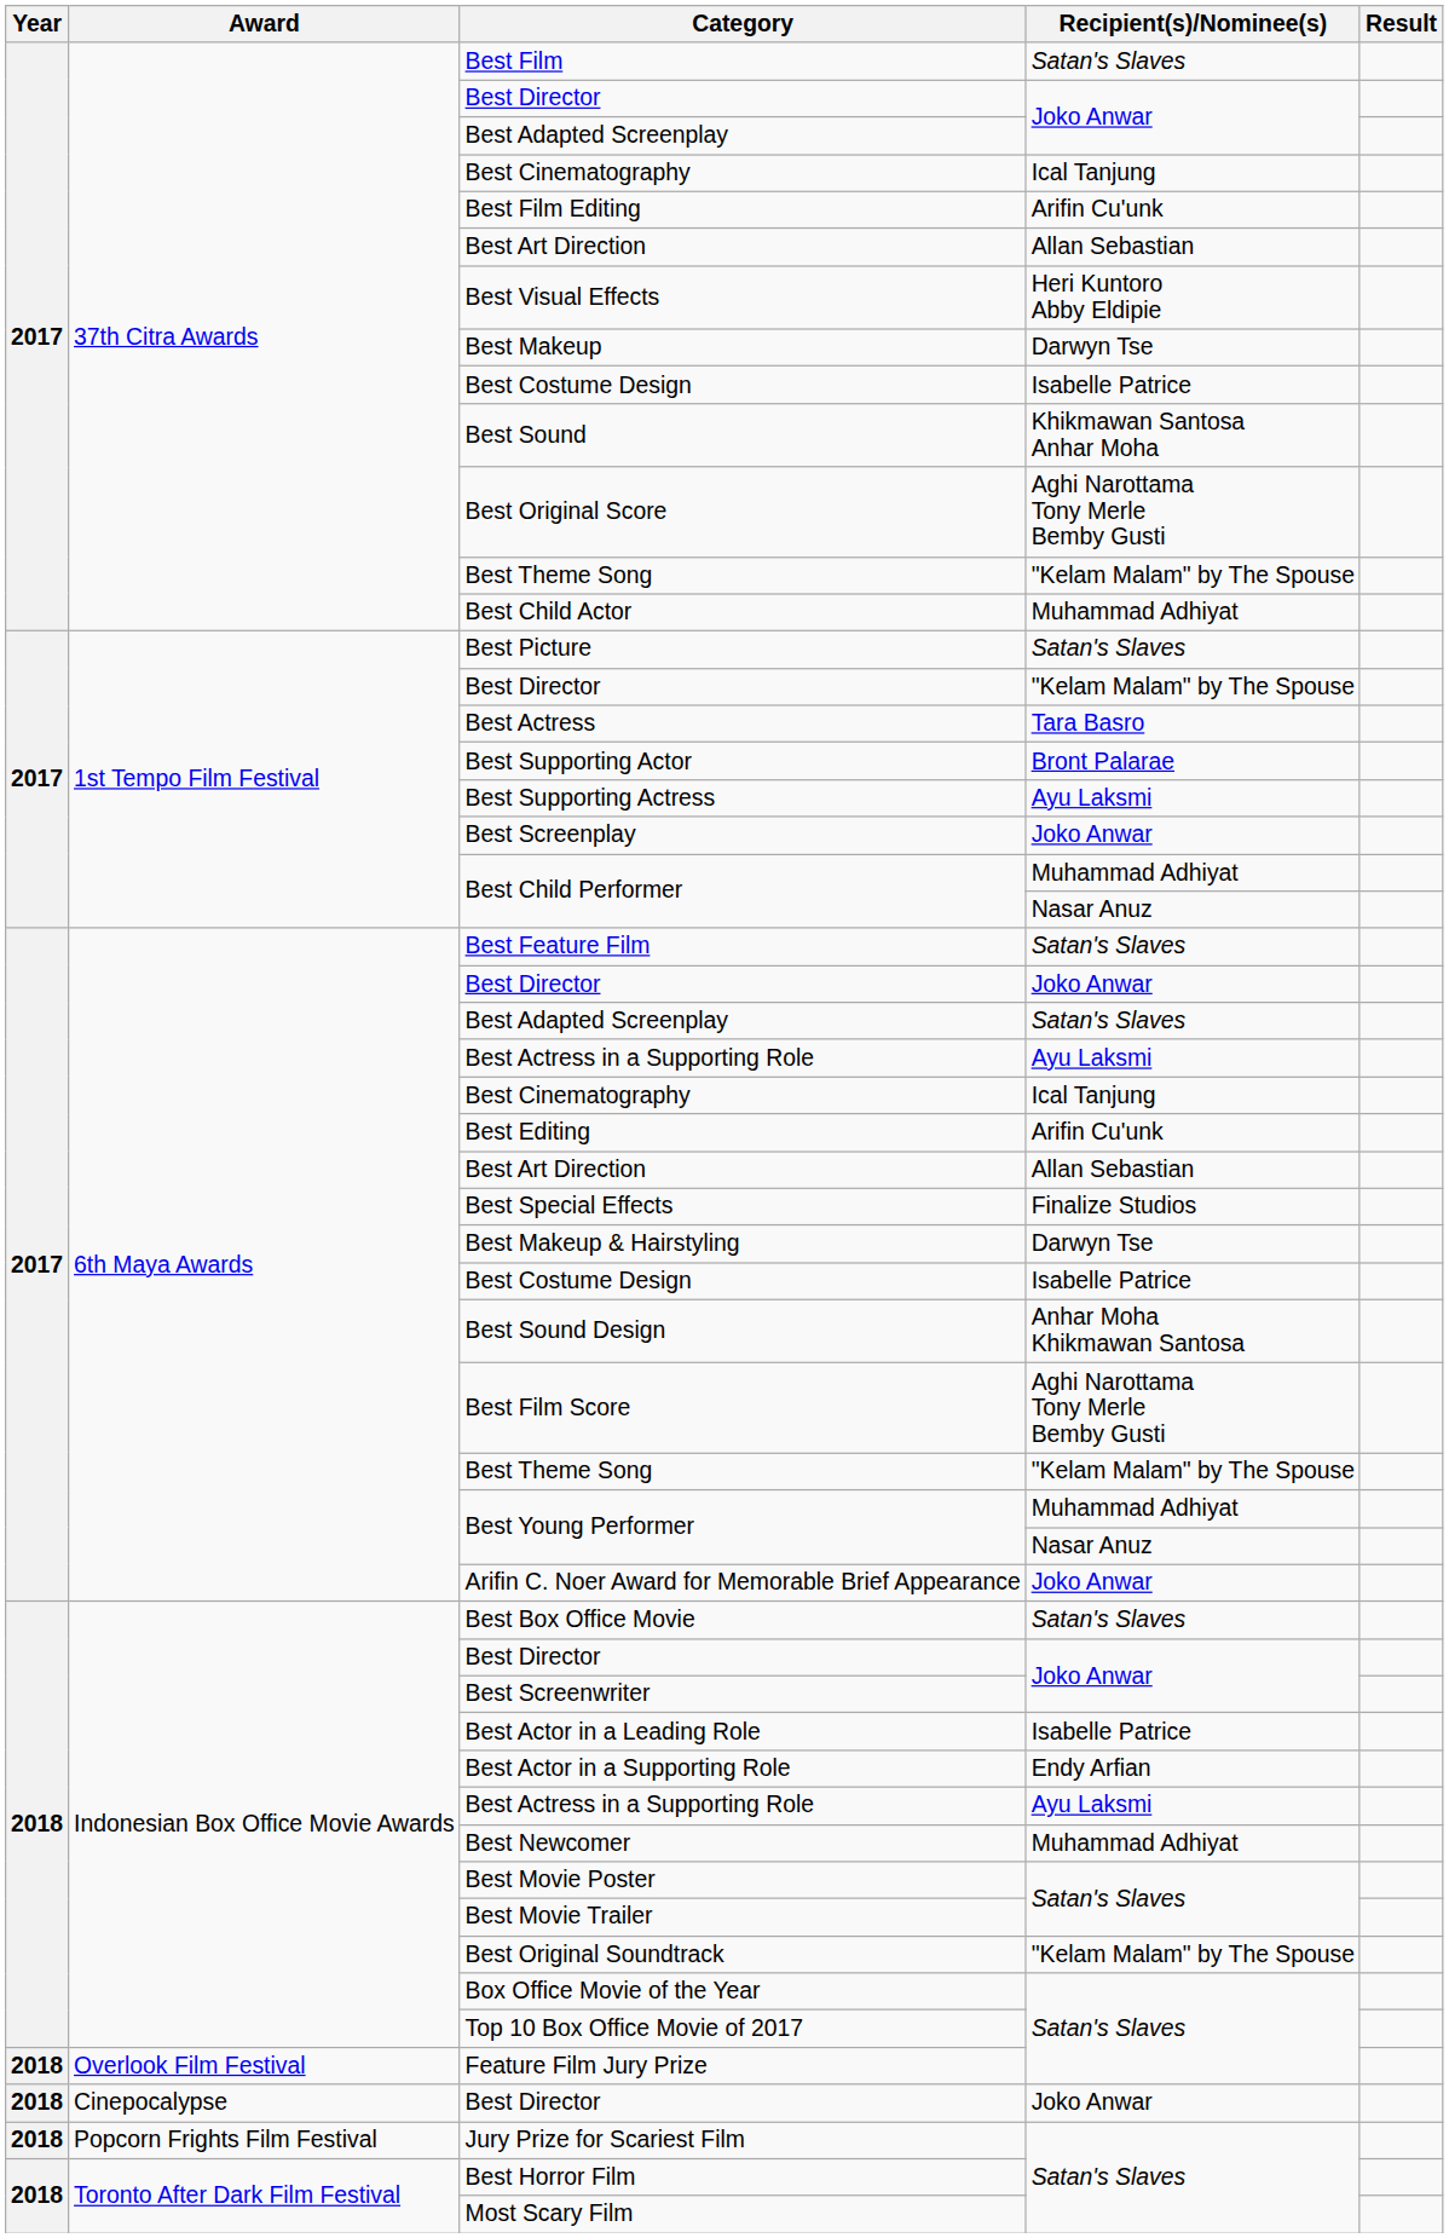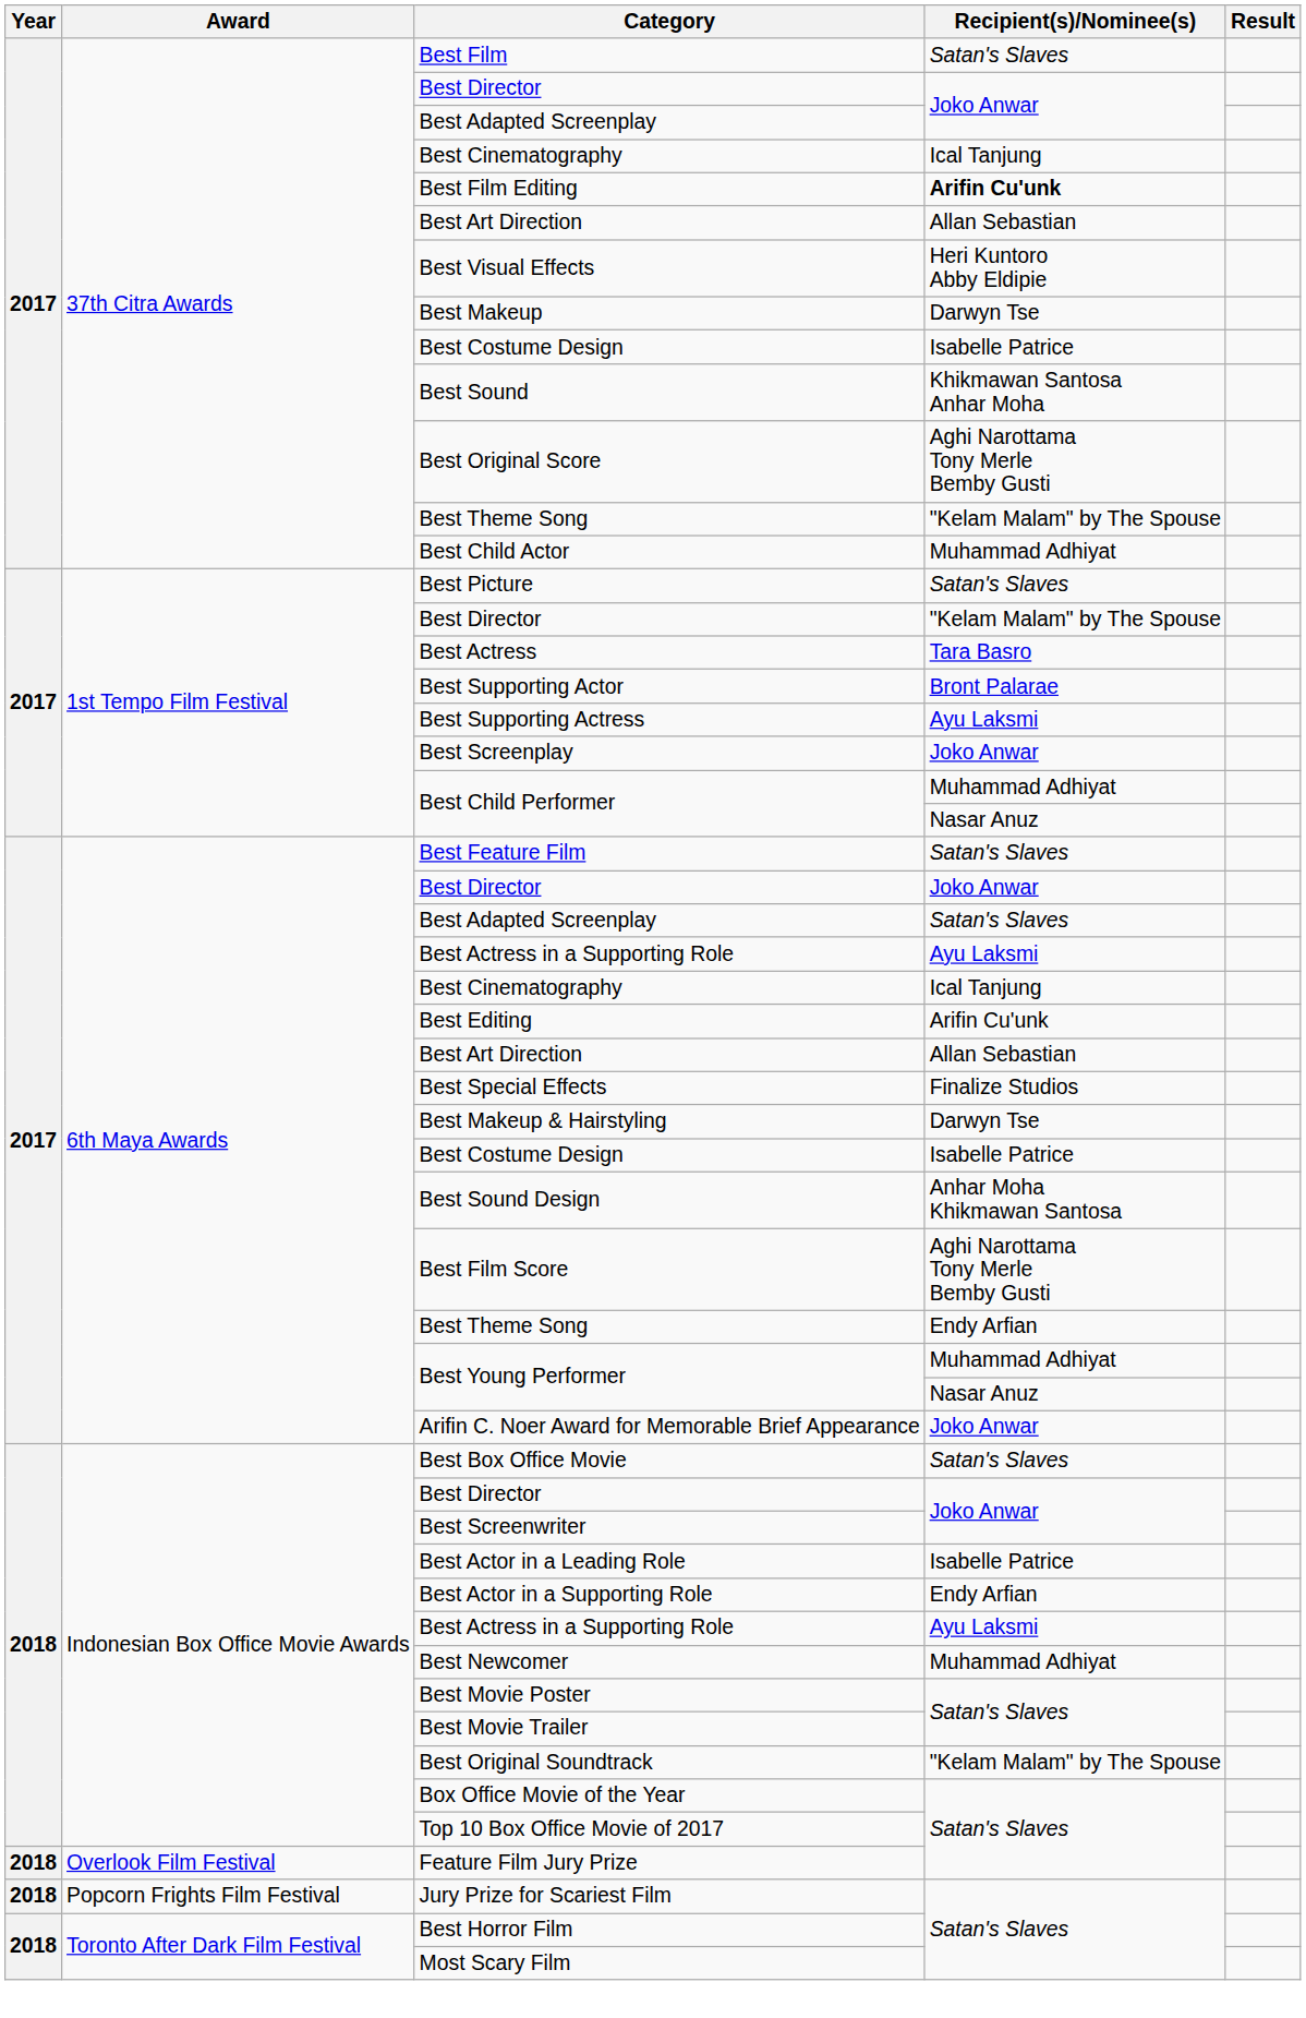 <table class="wikitable plainrowheaders sortable">
 <tr>
 <th>Year</th>
 <th>Award</th>
 <th>Category</th>
 <th>Recipient(s)/Nominee(s)</th>
 <th>Result</th>
 </tr>
 <tr>
 <th rowspan="13">2017</th>
 <td rowspan="13" scope="row"><a href='#'>37th Citra Awards</a></td>
 <td><a href='#'>Best Film</a></td>
 <td><em>Satan's Slaves</em></td>
 <td></td>
 </tr>
 <tr>
 <td><a href='#'>Best Director</a></td>
 <td rowspan="2"><a href='#'>Joko Anwar</a></td>
 <td></td>
 </tr>
 <tr>
 <td>Best Adapted Screenplay</td>
 <td></td>
 </tr>
 <tr>
 <td>Best Cinematography</td>
 <td>Ical Tanjung</td>
 <td></td>
 </tr>
 <tr>
 <td>Best Film Editing</td>
-<td>Arifin Cu'unk</td>
+<td><strong>Arifin Cu'unk</strong></td>
 <td></td>
 </tr>
 <tr>
 <td>Best Art Direction</td>
 <td>Allan Sebastian</td>
 <td></td>
 </tr>
 <tr>
 <td>Best Visual Effects</td>
 <td>Heri Kuntoro<br>Abby Eldipie</td>
 <td></td>
 </tr>
 <tr>
 <td>Best Makeup</td>
 <td>Darwyn Tse</td>
 <td></td>
 </tr>
 <tr>
 <td>Best Costume Design</td>
 <td>Isabelle Patrice</td>
 <td></td>
 </tr>
 <tr>
 <td>Best Sound</td>
 <td>Khikmawan Santosa<br>Anhar Moha</td>
 <td></td>
 </tr>
 <tr>
 <td>Best Original Score</td>
 <td>Aghi Narottama<br>Tony Merle<br>Bemby Gusti</td>
 <td></td>
 </tr>
 <tr>
 <td>Best Theme Song</td>
 <td>"Kelam Malam" by The Spouse</td>
 <td></td>
 </tr>
 <tr>
 <td>Best Child Actor</td>
 <td>Muhammad Adhiyat</td>
 <td></td>
 </tr>
 <tr>
 <th rowspan="8">2017</th>
 <td rowspan="8"><a href='#'>1st Tempo Film Festival</a></td>
 <td>Best Picture</td>
 <td><em>Satan's Slaves</em></td>
 <td></td>
 </tr>
 <tr>
 <td>Best Director</td>
 <td>"Kelam Malam" by The Spouse</td>
 <td></td>
 </tr>
 <tr>
 <td>Best Actress</td>
 <td><a href='#'>Tara Basro</a></td>
 <td></td>
 </tr>
 <tr>
 <td>Best Supporting Actor</td>
 <td><a href='#'>Bront Palarae</a></td>
 <td></td>
 </tr>
 <tr>
 <td>Best Supporting Actress</td>
 <td><a href='#'>Ayu Laksmi</a></td>
 <td></td>
 </tr>
 <tr>
 <td>Best Screenplay</td>
 <td><a href='#'>Joko Anwar</a></td>
 <td></td>
 </tr>
 <tr>
 <td rowspan="2">Best Child Performer</td>
 <td>Muhammad Adhiyat</td>
 <td></td>
 </tr>
 <tr>
 <td>Nasar Anuz</td>
 <td></td>
 </tr>
 <tr>
 <th rowspan="16">2017</th>
 <td rowspan="16" scope="row"><a href='#'>6th Maya Awards</a></td>
 <td><a href='#'>Best Feature Film</a></td>
 <td><em>Satan's Slaves</em></td>
 <td></td>
 </tr>
 <tr>
 <td><a href='#'>Best Director</a></td>
 <td><a href='#'>Joko Anwar</a></td>
 <td></td>
 </tr>
 <tr>
 <td>Best Adapted Screenplay</td>
 <td><em>Satan's Slaves</em></td>
 <td></td>
 </tr>
 <tr>
 <td>Best Actress in a Supporting Role</td>
 <td><a href='#'>Ayu Laksmi</a></td>
 <td></td>
 </tr>
 <tr>
 <td>Best Cinematography</td>
 <td>Ical Tanjung</td>
 <td></td>
 </tr>
 <tr>
 <td>Best Editing</td>
 <td>Arifin Cu'unk</td>
 <td></td>
 </tr>
 <tr>
 <td>Best Art Direction</td>
 <td>Allan Sebastian</td>
 <td></td>
 </tr>
 <tr>
 <td>Best Special Effects</td>
 <td>Finalize Studios</td>
 <td></td>
 </tr>
 <tr>
 <td>Best Makeup & Hairstyling</td>
 <td>Darwyn Tse</td>
 <td></td>
 </tr>
 <tr>
 <td>Best Costume Design</td>
 <td>Isabelle Patrice</td>
 <td></td>
 </tr>
 <tr>
 <td>Best Sound Design</td>
 <td>Anhar Moha<br>Khikmawan Santosa</td>
 <td></td>
 </tr>
 <tr>
 <td>Best Film Score</td>
 <td>Aghi Narottama<br>Tony Merle<br>Bemby Gusti</td>
 <td></td>
 </tr>
 <tr>
 <td>Best Theme Song</td>
-<td>"Kelam Malam" by The Spouse</td>
+<td>Endy Arfian</td>
 <td></td>
 </tr>
 <tr>
 <td rowspan="2">Best Young Performer</td>
 <td>Muhammad Adhiyat</td>
 <td></td>
 </tr>
 <tr>
 <td>Nasar Anuz</td>
 <td></td>
 </tr>
 <tr>
 <td>Arifin C. Noer Award for Memorable Brief Appearance</td>
 <td><a href='#'>Joko Anwar</a></td>
 <td></td>
 </tr>
 <tr>
 <th rowspan="12">2018</th>
 <td scope="row" rowspan="12">Indonesian Box Office Movie Awards</td>
 <td>Best Box Office Movie</td>
 <td><em>Satan's Slaves</em></td>
 <td></td>
 </tr>
 <tr>
 <td>Best Director</td>
 <td rowspan="2"><a href='#'>Joko Anwar</a></td>
 <td></td>
 </tr>
 <tr>
 <td>Best Screenwriter</td>
 <td></td>
 </tr>
 <tr>
 <td>Best Actor in a Leading Role</td>
 <td>Isabelle Patrice</td>
 <td></td>
 </tr>
 <tr>
 <td>Best Actor in a Supporting Role</td>
 <td>Endy Arfian</td>
 <td></td>
 </tr>
 <tr>
 <td>Best Actress in a Supporting Role</td>
 <td><a href='#'>Ayu Laksmi</a></td>
 <td></td>
 </tr>
 <tr>
 <td>Best Newcomer</td>
 <td>Muhammad Adhiyat</td>
 <td></td>
 </tr>
 <tr>
 <td>Best Movie Poster</td>
 <td rowspan="2"><em>Satan's Slaves</em></td>
 <td></td>
 </tr>
 <tr>
 <td>Best Movie Trailer</td>
 <td></td>
 </tr>
 <tr>
 <td>Best Original Soundtrack</td>
 <td>"Kelam Malam" by The Spouse</td>
 <td></td>
 </tr>
 <tr>
 <td>Box Office Movie of the Year</td>
 <td rowspan="3"><em>Satan's Slaves</em></td>
 <td></td>
 </tr>
 <tr>
 <td>Top 10 Box Office Movie of 2017</td>
 <td></td>
 </tr>
 <tr>
 <th>2018</th>
 <td><a href='#'>Overlook Film Festival</a></td>
 <td>Feature Film Jury Prize</td>
 <td></td>
 </tr>
 <tr>
 <th>2018</th>
-<td>Cinepocalypse</td>
-<td>Best Director</td>
-<td>Joko Anwar</td>
-<td></td>
-</tr>
-<tr>
-<th>2018</th>
 <td>Popcorn Frights Film Festival</td>
 <td>Jury Prize for Scariest Film</td>
 <td rowspan="3"><em>Satan's Slaves</em></td>
 <td></td>
 </tr>
 <tr>
 <th rowspan="2">2018</th>
 <td scope="row" rowspan="2"><a href='#'>Toronto After Dark Film Festival</a></td>
 <td>Best Horror Film</td>
 <td></td>
 </tr>
 <tr>
 <td>Most Scary Film</td>
 <td></td>
 </tr>
 </table>
